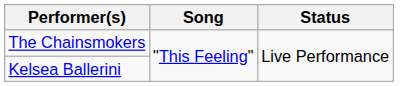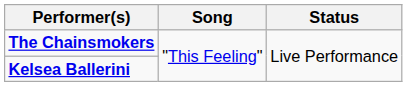 <table class="wikitable" style="font-size:85%">
 <tr>
 <th>Performer(s)</th>
 <th>Song</th>
 <th>Status</th>
 </tr>
 <tr>
-<td> <a href='#'>The Chainsmokers</a></td>
+<td><strong> <a href='#'>The Chainsmokers</a></strong></td>
 <td rowspan="2">"<a href='#'>This Feeling</a>"</td>
 <td rowspan="2">Live Performance</td>
 </tr>
 <tr>
-<td> <a href='#'>Kelsea Ballerini</a></td>
+<td><strong> <a href='#'>Kelsea Ballerini</a></strong></td>
 </tr>
 </table>
